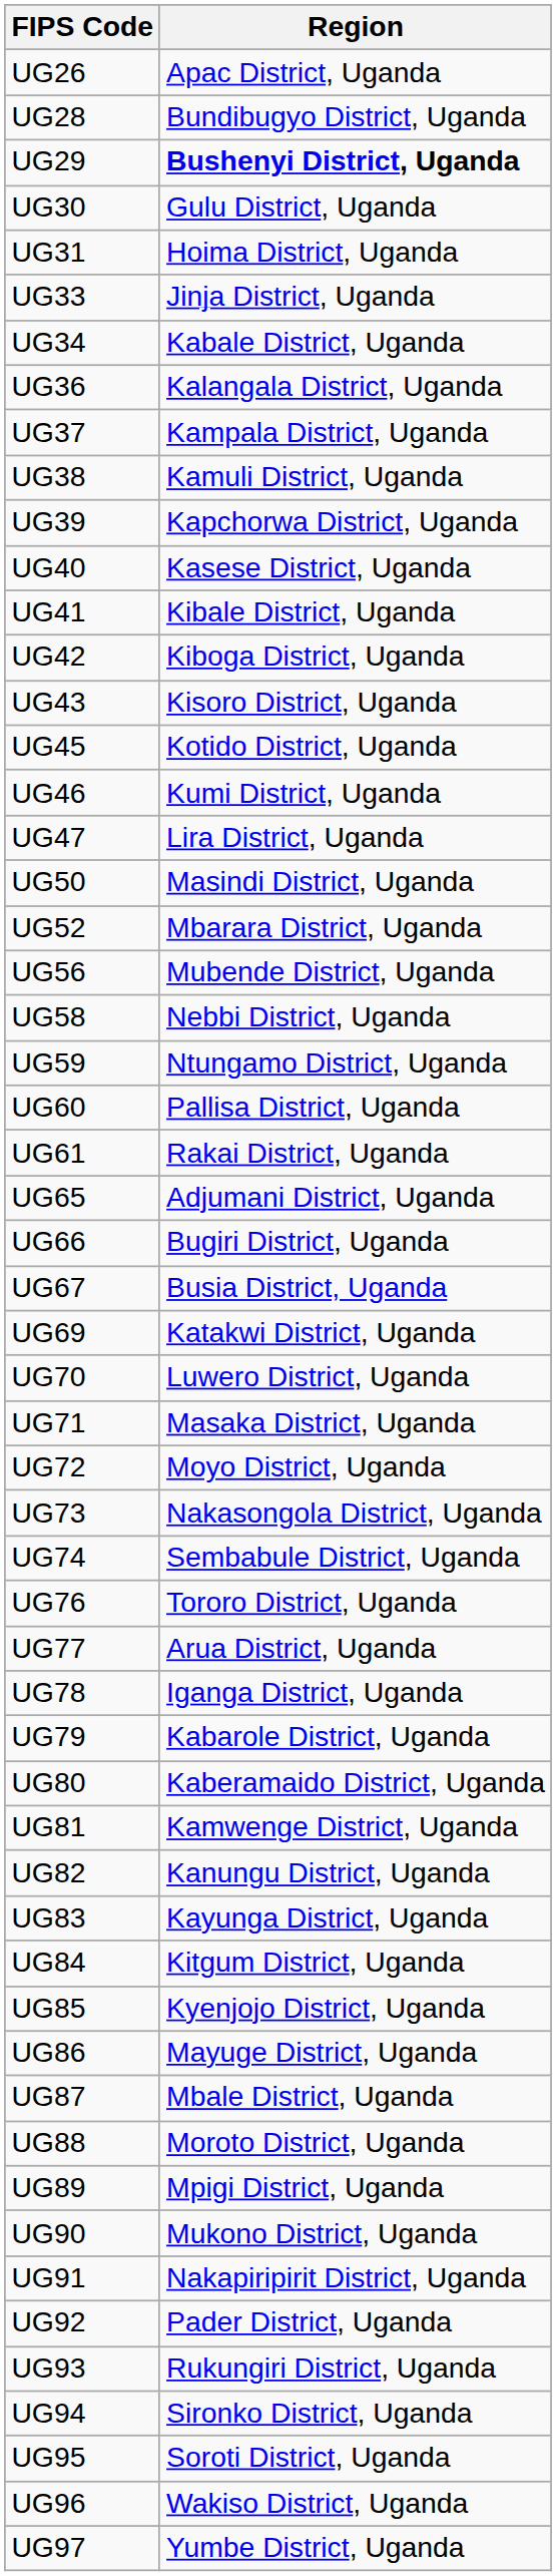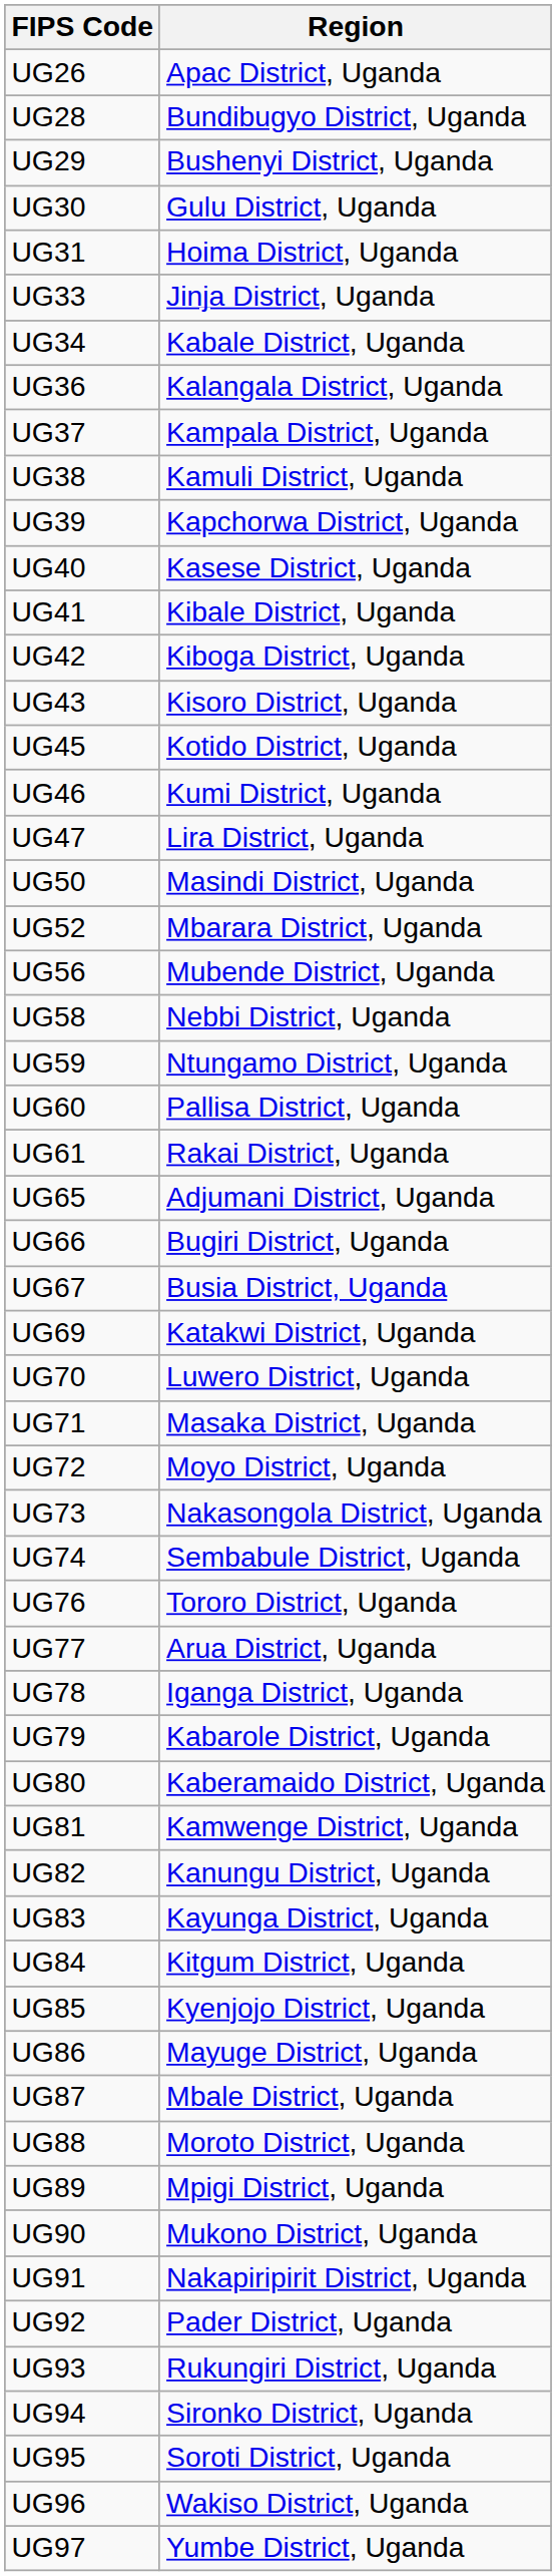 <table class="wikitable">
 <tr>
 <th>FIPS Code</th>
 <th>Region</th>
 </tr>
 <tr>
 <td>UG26</td>
 <td><a href='#'>Apac District</a>, Uganda</td>
 </tr>
 <tr>
 <td>UG28</td>
 <td><a href='#'>Bundibugyo District</a>, Uganda</td>
 </tr>
 <tr>
 <td>UG29</td>
-<td><strong><a href='#'>Bushenyi District</a>, Uganda</strong></td>
+<td><a href='#'>Bushenyi District</a>, Uganda</td>
 </tr>
 <tr>
 <td>UG30</td>
 <td><a href='#'>Gulu District</a>, Uganda</td>
 </tr>
 <tr>
 <td>UG31</td>
 <td><a href='#'>Hoima District</a>, Uganda</td>
 </tr>
 <tr>
 <td>UG33</td>
 <td><a href='#'>Jinja District</a>, Uganda</td>
 </tr>
 <tr>
 <td>UG34</td>
 <td><a href='#'>Kabale District</a>, Uganda</td>
 </tr>
 <tr>
 <td>UG36</td>
 <td><a href='#'>Kalangala District</a>, Uganda</td>
 </tr>
 <tr>
 <td>UG37</td>
 <td><a href='#'>Kampala District</a>, Uganda</td>
 </tr>
 <tr>
 <td>UG38</td>
 <td><a href='#'>Kamuli District</a>, Uganda</td>
 </tr>
 <tr>
 <td>UG39</td>
 <td><a href='#'>Kapchorwa District</a>, Uganda</td>
 </tr>
 <tr>
 <td>UG40</td>
 <td><a href='#'>Kasese District</a>, Uganda</td>
 </tr>
 <tr>
 <td>UG41</td>
 <td><a href='#'>Kibale District</a>, Uganda</td>
 </tr>
 <tr>
 <td>UG42</td>
 <td><a href='#'>Kiboga District</a>, Uganda</td>
 </tr>
 <tr>
 <td>UG43</td>
 <td><a href='#'>Kisoro District</a>, Uganda</td>
 </tr>
 <tr>
 <td>UG45</td>
 <td><a href='#'>Kotido District</a>, Uganda</td>
 </tr>
 <tr>
 <td>UG46</td>
 <td><a href='#'>Kumi District</a>, Uganda</td>
 </tr>
 <tr>
 <td>UG47</td>
 <td><a href='#'>Lira District</a>, Uganda</td>
 </tr>
 <tr>
 <td>UG50</td>
 <td><a href='#'>Masindi District</a>, Uganda</td>
 </tr>
 <tr>
 <td>UG52</td>
 <td><a href='#'>Mbarara District</a>, Uganda</td>
 </tr>
 <tr>
 <td>UG56</td>
 <td><a href='#'>Mubende District</a>, Uganda</td>
 </tr>
 <tr>
 <td>UG58</td>
 <td><a href='#'>Nebbi District</a>, Uganda</td>
 </tr>
 <tr>
 <td>UG59</td>
 <td><a href='#'>Ntungamo District</a>, Uganda</td>
 </tr>
 <tr>
 <td>UG60</td>
 <td><a href='#'>Pallisa District</a>, Uganda</td>
 </tr>
 <tr>
 <td>UG61</td>
 <td><a href='#'>Rakai District</a>, Uganda</td>
 </tr>
 <tr>
 <td>UG65</td>
 <td><a href='#'>Adjumani District</a>, Uganda</td>
 </tr>
 <tr>
 <td>UG66</td>
 <td><a href='#'>Bugiri District</a>, Uganda</td>
 </tr>
 <tr>
 <td>UG67</td>
 <td><a href='#'>Busia District, Uganda</a></td>
 </tr>
 <tr>
 <td>UG69</td>
 <td><a href='#'>Katakwi District</a>, Uganda</td>
 </tr>
 <tr>
 <td>UG70</td>
 <td><a href='#'>Luwero District</a>, Uganda</td>
 </tr>
 <tr>
 <td>UG71</td>
 <td><a href='#'>Masaka District</a>, Uganda</td>
 </tr>
 <tr>
 <td>UG72</td>
 <td><a href='#'>Moyo District</a>, Uganda</td>
 </tr>
 <tr>
 <td>UG73</td>
 <td><a href='#'>Nakasongola District</a>, Uganda</td>
 </tr>
 <tr>
 <td>UG74</td>
 <td><a href='#'>Sembabule District</a>, Uganda</td>
 </tr>
 <tr>
 <td>UG76</td>
 <td><a href='#'>Tororo District</a>, Uganda</td>
 </tr>
 <tr>
 <td>UG77</td>
 <td><a href='#'>Arua District</a>, Uganda</td>
 </tr>
 <tr>
 <td>UG78</td>
 <td><a href='#'>Iganga District</a>, Uganda</td>
 </tr>
 <tr>
 <td>UG79</td>
 <td><a href='#'>Kabarole District</a>, Uganda</td>
 </tr>
 <tr>
 <td>UG80</td>
 <td><a href='#'>Kaberamaido District</a>, Uganda</td>
 </tr>
 <tr>
 <td>UG81</td>
 <td><a href='#'>Kamwenge District</a>, Uganda</td>
 </tr>
 <tr>
 <td>UG82</td>
 <td><a href='#'>Kanungu District</a>, Uganda</td>
 </tr>
 <tr>
 <td>UG83</td>
 <td><a href='#'>Kayunga District</a>, Uganda</td>
 </tr>
 <tr>
 <td>UG84</td>
 <td><a href='#'>Kitgum District</a>, Uganda</td>
 </tr>
 <tr>
 <td>UG85</td>
 <td><a href='#'>Kyenjojo District</a>, Uganda</td>
 </tr>
 <tr>
 <td>UG86</td>
 <td><a href='#'>Mayuge District</a>, Uganda</td>
 </tr>
 <tr>
 <td>UG87</td>
 <td><a href='#'>Mbale District</a>, Uganda</td>
 </tr>
 <tr>
 <td>UG88</td>
 <td><a href='#'>Moroto District</a>, Uganda</td>
 </tr>
 <tr>
 <td>UG89</td>
 <td><a href='#'>Mpigi District</a>, Uganda</td>
 </tr>
 <tr>
 <td>UG90</td>
 <td><a href='#'>Mukono District</a>, Uganda</td>
 </tr>
 <tr>
 <td>UG91</td>
 <td><a href='#'>Nakapiripirit District</a>, Uganda</td>
 </tr>
 <tr>
 <td>UG92</td>
 <td><a href='#'>Pader District</a>, Uganda</td>
 </tr>
 <tr>
 <td>UG93</td>
 <td><a href='#'>Rukungiri District</a>, Uganda</td>
 </tr>
 <tr>
 <td>UG94</td>
 <td><a href='#'>Sironko District</a>, Uganda</td>
 </tr>
 <tr>
 <td>UG95</td>
 <td><a href='#'>Soroti District</a>, Uganda</td>
 </tr>
 <tr>
 <td>UG96</td>
 <td><a href='#'>Wakiso District</a>, Uganda</td>
 </tr>
 <tr>
 <td>UG97</td>
 <td><a href='#'>Yumbe District</a>, Uganda</td>
 </tr>
 </table>
